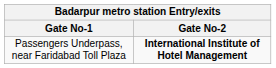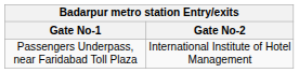 <table class="wikitable" style="text-align: center;" width="68%">
 <tr>
 <th align="center" colspan="3" style="background:#"><span>Badarpur metro station Entry/exits</span></th>
 </tr>
 <tr>
 <th style="width:15%;">Gate No-1 </th>
 <th style="width:15%;">Gate No-2 </th>
 </tr>
 <tr>
 <td>Passengers Underpass, near Faridabad Toll Plaza</td>
-<td><strong>International Institute of Hotel Management</strong></td>
+<td>International Institute of Hotel Management</td>
 </tr>
 </table>
